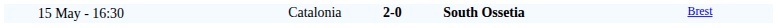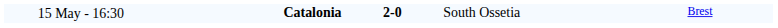 <table style="width: 100%; background:#F5FAFF;" cellspacing="0">
 <tr>
 <td align=center rowspan=3 width=20%>15 May - 16:30</td>
 </tr>
 <tr>
-<td width=24% align=right>Catalonia</td>
+<td width=24% align=right><strong>Catalonia</strong></td>
 <td align=center width=13%><strong>2-0</strong></td>
-<td width=24%><strong>South Ossetia</strong></td>
+<td width=24%>South Ossetia</td>
 <td style=font-size:85% rowspan=3 valign=top align=center><a href='#'>Brest</a></td>
 </tr>
 <tr style=font-size:85%>
 <td align=right valign=top></td>
 <td align=center></td>
 <td></td>
 </tr>
 </table>
